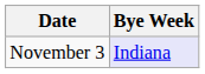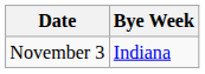 <table class="wikitable" style="font-size:95%;">
 <tr>
 <th>Date</th>
 <th>Bye Week</th>
 </tr>
 <tr>
 <td>November 3</td>
-<td style="background: lavender;"><a href='#'>Indiana</a></td>
+<td><a href='#'>Indiana</a></td>
 </tr>
 </table>
